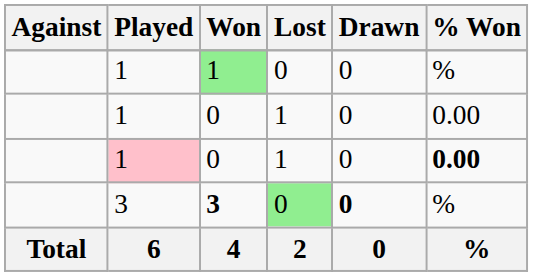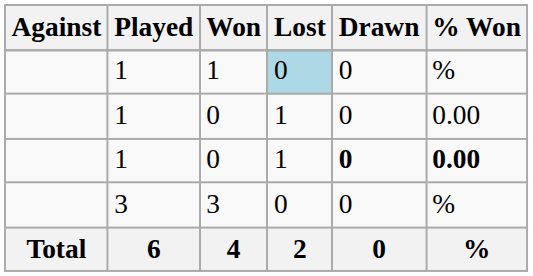 <table class="sortable wikitable" style="font-size: 87%;">
 <tr>
 <th>Against</th>
 <th>Played</th>
 <th>Won</th>
 <th>Lost</th>
 <th>Drawn</th>
 <th>% Won</th>
 </tr>
 <tr bgcolor="#d0ffd0" align="center">
 </tr>
 <tr>
 <td align="left"></td>
 <td>1</td>
-<td style="background: lightgreen;">1</td>
-<td>0</td>
+<td>1</td>
+<td style="background: lightblue;">0</td>
 <td>0</td>
 <td>%</td>
 </tr>
 <tr>
 <td align="left"></td>
 <td>1</td>
 <td>0</td>
 <td>1</td>
 <td>0</td>
 <td>0.00</td>
 </tr>
 <tr>
 <td align="left"></td>
-<td style="background: pink;">1</td>
+<td>1</td>
 <td>0</td>
 <td>1</td>
-<td>0</td>
+<td><strong>0</strong></td>
 <td><strong>0.00</strong></td>
 </tr>
 <tr>
 <td align="left"></td>
 <td>3</td>
-<td><strong>3</strong></td>
-<td style="background: lightgreen;">0</td>
-<td><strong>0</strong></td>
+<td>3</td>
+<td>0</td>
+<td>0</td>
 <td>%</td>
 </tr>
 <tr>
 <th>Total</th>
 <th><strong>6</strong></th>
 <th><strong>4</strong></th>
 <th><strong>2</strong></th>
 <th><strong>0</strong></th>
 <th><strong>%</strong></th>
 </tr>
 </table>
